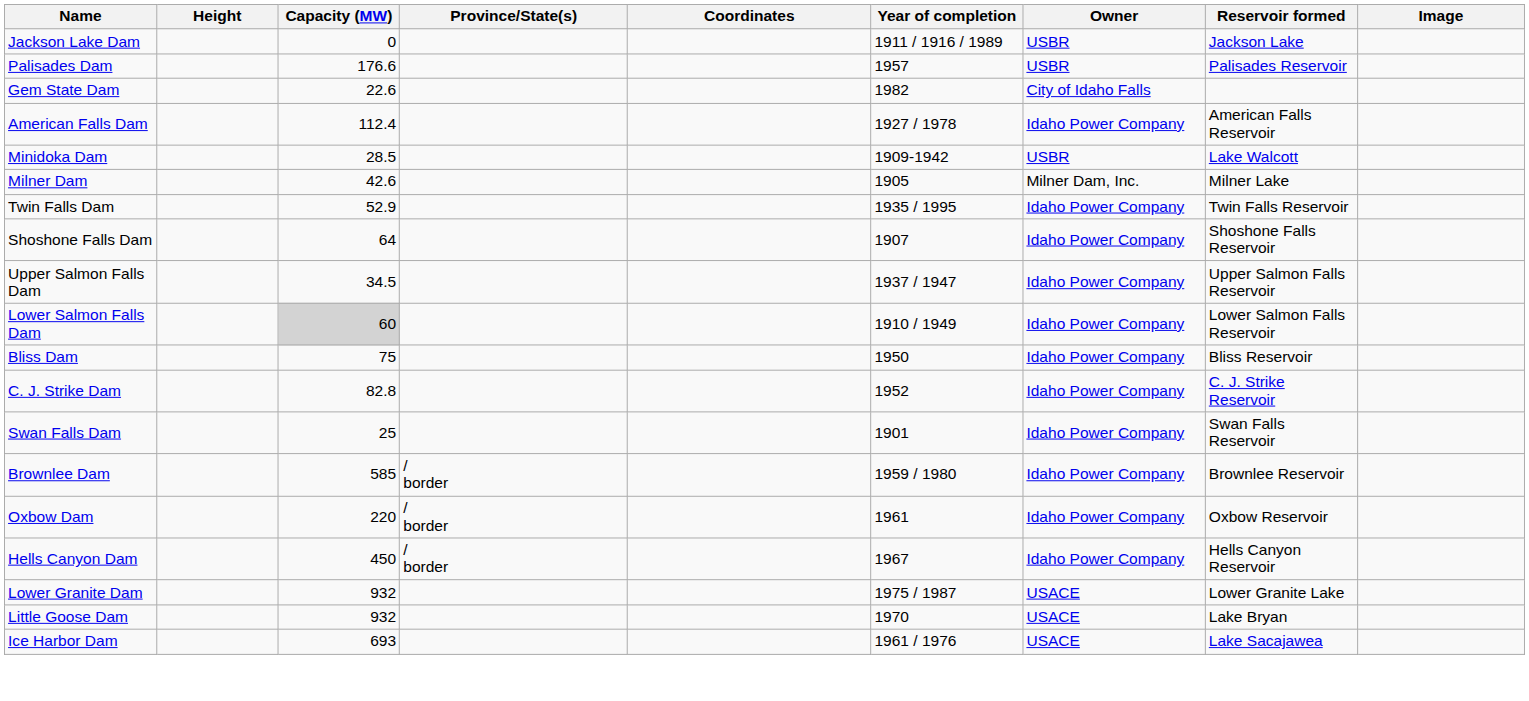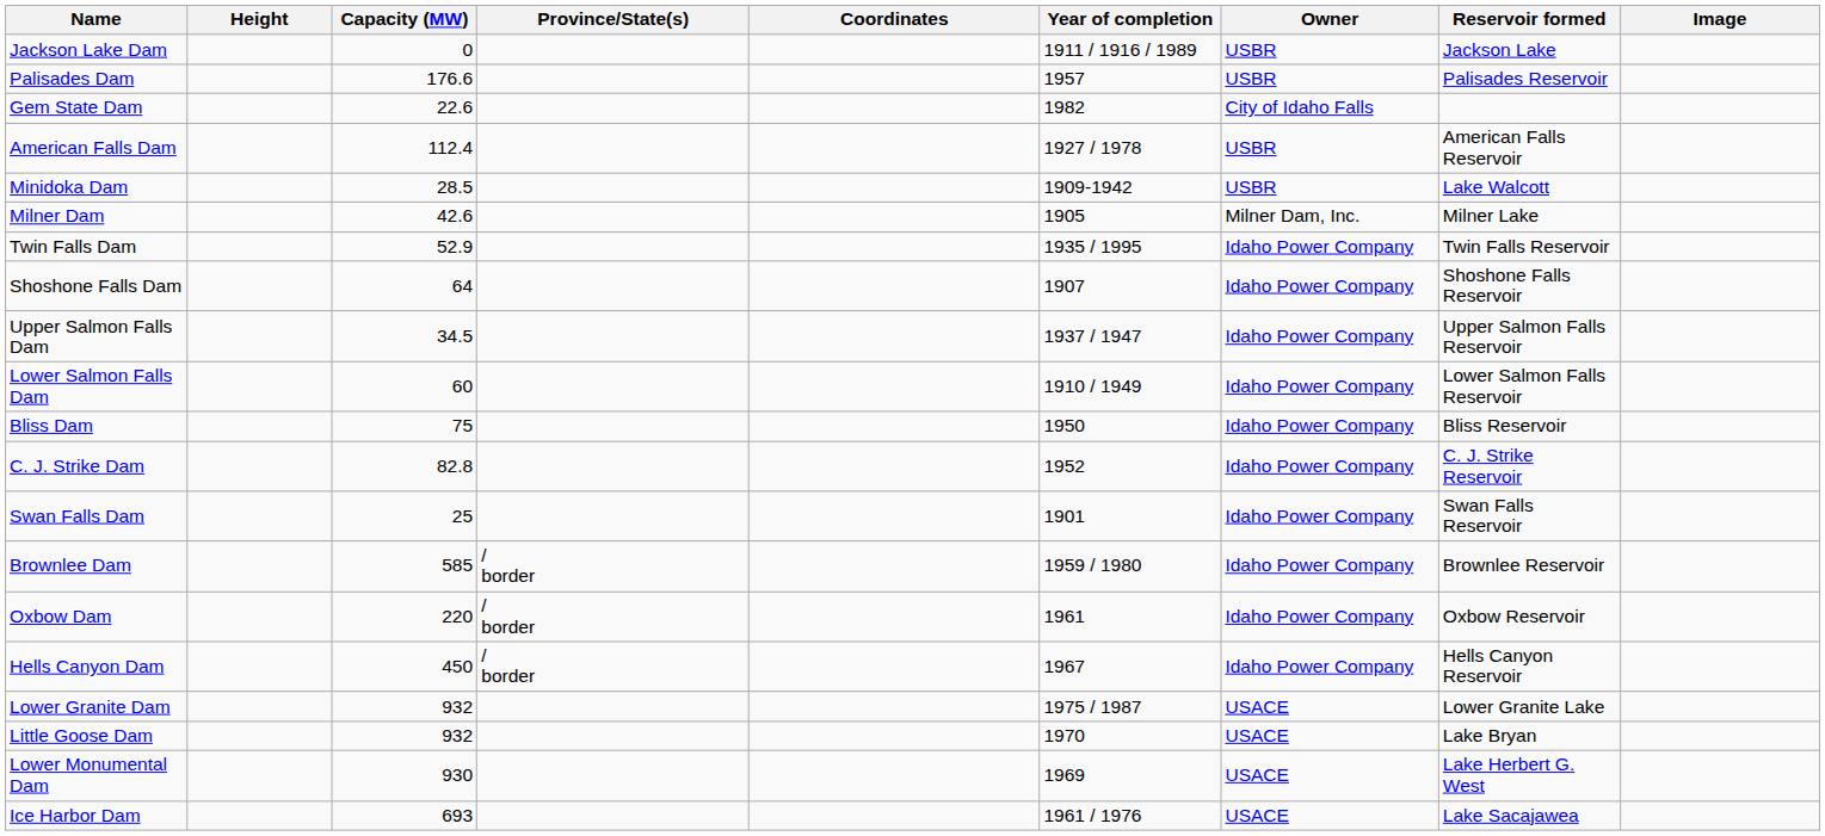 <table class="wikitable sortable" border="1">
 <tr>
 <th width="10%">Name</th>
 <th width="8%">Height</th>
 <th width="8%">Capacity (<a href='#'>MW</a>)</th>
 <th width="15%">Province/State(s)</th>
 <th width="16%">Coordinates</th>
 <th width="10%">Year of completion</th>
 <th width="12%">Owner</th>
 <th width="10%">Reservoir formed</th>
 <th>Image</th>
 </tr>
 <tr>
 <td><a href='#'>Jackson Lake Dam</a></td>
 <td></td>
 <td align="right">0</td>
 <td></td>
 <td></td>
 <td>1911 / 1916 / 1989</td>
 <td><a href='#'>USBR</a></td>
 <td><a href='#'>Jackson Lake</a></td>
 <td></td>
 </tr>
 <tr>
 <td><a href='#'>Palisades Dam</a></td>
 <td></td>
 <td align="right">176.6</td>
 <td></td>
 <td></td>
 <td>1957</td>
 <td><a href='#'>USBR</a></td>
 <td><a href='#'>Palisades Reservoir</a></td>
 <td></td>
 </tr>
 <tr>
 <td><a href='#'>Gem State Dam</a></td>
 <td></td>
 <td align="right">22.6</td>
 <td></td>
 <td></td>
 <td>1982</td>
 <td><a href='#'>City of Idaho Falls</a></td>
 <td></td>
 <td></td>
 </tr>
 <tr>
 <td><a href='#'>American Falls Dam</a></td>
 <td></td>
 <td align="right">112.4</td>
 <td></td>
 <td></td>
 <td>1927 / 1978</td>
-<td><a href='#'>Idaho Power Company</a></td>
+<td><a href='#'>USBR</a></td>
 <td>American Falls Reservoir</td>
 <td></td>
 </tr>
 <tr>
 <td><a href='#'>Minidoka Dam</a></td>
 <td></td>
 <td align="right">28.5</td>
 <td></td>
 <td></td>
 <td>1909-1942</td>
 <td><a href='#'>USBR</a></td>
 <td><a href='#'>Lake Walcott</a></td>
 <td></td>
 </tr>
 <tr>
 <td><a href='#'>Milner Dam</a></td>
 <td></td>
 <td align="right">42.6</td>
 <td></td>
 <td></td>
 <td>1905</td>
 <td>Milner Dam, Inc.</td>
 <td>Milner Lake</td>
 <td></td>
 </tr>
 <tr>
 <td>Twin Falls Dam</td>
 <td></td>
 <td align="right">52.9</td>
 <td></td>
 <td></td>
 <td>1935 / 1995</td>
 <td><a href='#'>Idaho Power Company</a></td>
 <td>Twin Falls Reservoir</td>
 <td></td>
 </tr>
 <tr>
 <td>Shoshone Falls Dam</td>
 <td></td>
 <td align="right">64</td>
 <td></td>
 <td></td>
 <td>1907</td>
 <td><a href='#'>Idaho Power Company</a></td>
 <td>Shoshone Falls Reservoir</td>
 <td></td>
 </tr>
 <tr>
 <td>Upper Salmon Falls Dam</td>
 <td></td>
 <td align="right">34.5</td>
 <td></td>
 <td></td>
 <td>1937 / 1947</td>
 <td><a href='#'>Idaho Power Company</a></td>
 <td>Upper Salmon Falls Reservoir</td>
 <td></td>
 </tr>
 <tr>
 <td><a href='#'>Lower Salmon Falls Dam</a></td>
 <td></td>
-<td align="right" style="background: lightgrey;">60</td>
+<td align="right">60</td>
 <td></td>
 <td></td>
 <td>1910 / 1949</td>
 <td><a href='#'>Idaho Power Company</a></td>
 <td>Lower Salmon Falls Reservoir</td>
 <td></td>
 </tr>
 <tr>
 <td><a href='#'>Bliss Dam</a></td>
 <td></td>
 <td align="right">75</td>
 <td></td>
 <td></td>
 <td>1950</td>
 <td><a href='#'>Idaho Power Company</a></td>
 <td>Bliss Reservoir</td>
 <td></td>
 </tr>
 <tr>
 <td><a href='#'>C. J. Strike Dam</a></td>
 <td></td>
 <td align="right">82.8</td>
 <td></td>
 <td></td>
 <td>1952</td>
 <td><a href='#'>Idaho Power Company</a></td>
 <td><a href='#'>C. J. Strike Reservoir</a></td>
 <td></td>
 </tr>
 <tr>
 <td><a href='#'>Swan Falls Dam</a></td>
 <td></td>
 <td align="right">25</td>
 <td></td>
 <td></td>
 <td>1901</td>
 <td><a href='#'>Idaho Power Company</a></td>
 <td>Swan Falls Reservoir</td>
 <td></td>
 </tr>
 <tr>
 <td><a href='#'>Brownlee Dam</a></td>
 <td></td>
 <td align="right">585</td>
 <td> / <br>  border</td>
 <td></td>
 <td>1959 / 1980</td>
 <td><a href='#'>Idaho Power Company</a></td>
 <td>Brownlee Reservoir</td>
 <td></td>
 </tr>
 <tr>
 <td><a href='#'>Oxbow Dam</a></td>
 <td></td>
 <td align="right">220</td>
 <td> / <br>  border</td>
 <td></td>
 <td>1961</td>
 <td><a href='#'>Idaho Power Company</a></td>
 <td>Oxbow Reservoir</td>
 <td></td>
 </tr>
 <tr>
 <td><a href='#'>Hells Canyon Dam</a></td>
 <td></td>
 <td align="right">450</td>
 <td> / <br>  border</td>
 <td></td>
 <td>1967</td>
 <td><a href='#'>Idaho Power Company</a></td>
 <td>Hells Canyon Reservoir</td>
 <td></td>
 </tr>
 <tr>
 <td><a href='#'>Lower Granite Dam</a></td>
 <td></td>
 <td align="right">932</td>
 <td></td>
 <td></td>
 <td>1975 / 1987 </td>
 <td><a href='#'>USACE</a></td>
 <td>Lower Granite Lake</td>
 <td></td>
 </tr>
 <tr>
 <td><a href='#'>Little Goose Dam</a></td>
 <td></td>
 <td align="right">932</td>
 <td></td>
 <td></td>
 <td>1970</td>
 <td><a href='#'>USACE</a></td>
 <td>Lake Bryan</td>
 <td></td>
 </tr>
 <tr>
+<td><a href='#'>Lower Monumental Dam</a></td>
+<td></td>
+<td align="right">930</td>
+<td></td>
+<td></td>
+<td>1969</td>
+<td><a href='#'>USACE</a></td>
+<td><a href='#'>Lake Herbert G. West</a></td>
+<td></td>
+</tr>
+<tr>
 <td><a href='#'>Ice Harbor Dam</a></td>
 <td></td>
 <td align="right">693</td>
 <td></td>
 <td></td>
 <td>1961 / 1976 </td>
 <td><a href='#'>USACE</a></td>
 <td><a href='#'>Lake Sacajawea</a></td>
 <td></td>
 </tr>
 </table>
